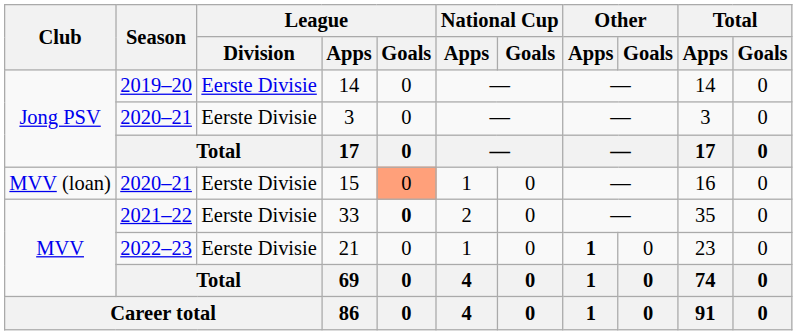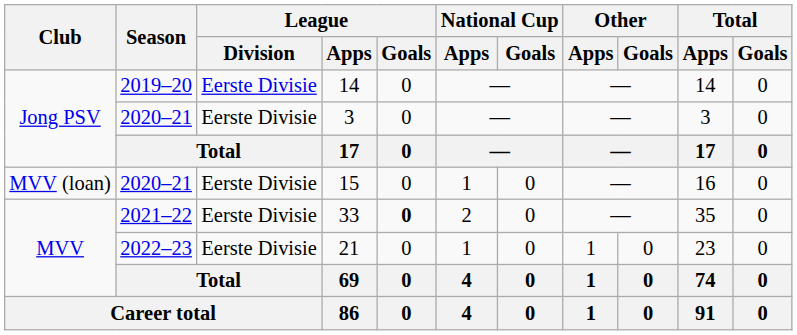 <table class="wikitable" style="text-align:center">
 <tr>
 <th rowspan="2">Club</th>
 <th rowspan="2">Season</th>
 <th colspan="3">League</th>
 <th colspan="2">National Cup</th>
 <th colspan="2">Other</th>
 <th colspan="2">Total</th>
 </tr>
 <tr>
 <th>Division</th>
 <th>Apps</th>
 <th>Goals</th>
 <th>Apps</th>
 <th>Goals</th>
 <th>Apps</th>
 <th>Goals</th>
 <th>Apps</th>
 <th>Goals</th>
 </tr>
 <tr>
 <td rowspan="3"><a href='#'>Jong PSV</a></td>
 <td><a href='#'>2019–20</a></td>
 <td><a href='#'>Eerste Divisie</a></td>
 <td>14</td>
 <td>0</td>
 <td colspan="2">—</td>
 <td colspan="2">—</td>
 <td>14</td>
 <td>0</td>
 </tr>
 <tr>
 <td><a href='#'>2020–21</a></td>
 <td>Eerste Divisie</td>
 <td>3</td>
 <td>0</td>
 <td colspan="2">—</td>
 <td colspan="2">—</td>
 <td>3</td>
 <td>0</td>
 </tr>
 <tr>
 <th colspan="2">Total</th>
 <th>17</th>
 <th>0</th>
 <th colspan="2">—</th>
 <th colspan="2">—</th>
 <th>17</th>
 <th>0</th>
 </tr>
 <tr>
 <td><a href='#'>MVV</a> (loan)</td>
 <td><a href='#'>2020–21</a></td>
 <td>Eerste Divisie</td>
 <td>15</td>
-<td style="background: lightsalmon;">0</td>
+<td>0</td>
 <td>1</td>
 <td>0</td>
 <td colspan="2">—</td>
 <td>16</td>
 <td>0</td>
 </tr>
 <tr>
 <td rowspan="3"><a href='#'>MVV</a></td>
 <td><a href='#'>2021–22</a></td>
 <td>Eerste Divisie</td>
 <td>33</td>
 <td><strong>0</strong></td>
 <td>2</td>
 <td>0</td>
 <td colspan="2">—</td>
 <td>35</td>
 <td>0</td>
 </tr>
 <tr>
 <td><a href='#'>2022–23</a></td>
 <td>Eerste Divisie</td>
 <td>21</td>
 <td>0</td>
 <td>1</td>
 <td>0</td>
-<td><strong>1</strong></td>
+<td>1</td>
 <td>0</td>
 <td>23</td>
 <td>0</td>
 </tr>
 <tr>
 <th colspan="2">Total</th>
 <th>69</th>
 <th>0</th>
 <th>4</th>
 <th>0</th>
 <th>1</th>
 <th>0</th>
 <th>74</th>
 <th>0</th>
 </tr>
 <tr>
 <th colspan="3">Career total</th>
 <th>86</th>
 <th>0</th>
 <th>4</th>
 <th>0</th>
 <th>1</th>
 <th>0</th>
 <th>91</th>
 <th>0</th>
 </tr>
 </table>
